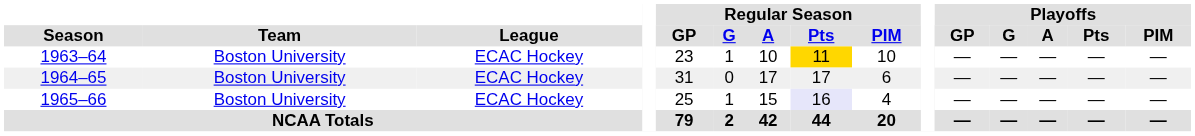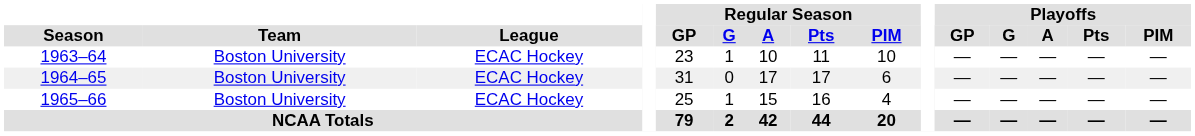 <table border="0" cellpadding="1" cellspacing="0" style="text-align:center; width:70em">
 <tr bgcolor="#e0e0e0">
 <th colspan="3"  bgcolor="#ffffff"> </th>
 <th rowspan="99" bgcolor="#ffffff"> </th>
 <th colspan="5">Regular Season</th>
 <th rowspan="99" bgcolor="#ffffff"> </th>
 <th colspan="5">Playoffs</th>
 </tr>
 <tr bgcolor="#e0e0e0">
 <th>Season</th>
 <th>Team</th>
 <th>League</th>
 <th>GP</th>
 <th><a href='#'>G</a></th>
 <th><a href='#'>A</a></th>
 <th><a href='#'>Pts</a></th>
 <th><a href='#'>PIM</a></th>
 <th>GP</th>
 <th>G</th>
 <th>A</th>
 <th>Pts</th>
 <th>PIM</th>
 </tr>
 <tr>
 <td><a href='#'>1963–64</a></td>
 <td><a href='#'>Boston University</a></td>
 <td><a href='#'>ECAC Hockey</a></td>
 <td>23</td>
 <td>1</td>
 <td>10</td>
-<td style="background: gold;">11</td>
+<td>11</td>
 <td>10</td>
 <td>—</td>
 <td>—</td>
 <td>—</td>
 <td>—</td>
 <td>—</td>
 </tr>
 <tr bgcolor=f0f0f0>
 <td><a href='#'>1964–65</a></td>
 <td><a href='#'>Boston University</a></td>
 <td><a href='#'>ECAC Hockey</a></td>
 <td>31</td>
 <td>0</td>
 <td>17</td>
 <td>17</td>
 <td>6</td>
 <td>—</td>
 <td>—</td>
 <td>—</td>
 <td>—</td>
 <td>—</td>
 </tr>
 <tr>
 <td><a href='#'>1965–66</a></td>
 <td><a href='#'>Boston University</a></td>
 <td><a href='#'>ECAC Hockey</a></td>
 <td>25</td>
 <td>1</td>
 <td>15</td>
-<td style="background: lavender;">16</td>
+<td>16</td>
 <td>4</td>
 <td>—</td>
 <td>—</td>
 <td>—</td>
 <td>—</td>
 <td>—</td>
 </tr>
 <tr bgcolor="#e0e0e0">
 <th colspan="3">NCAA Totals</th>
 <th>79</th>
 <th>2</th>
 <th>42</th>
 <th>44</th>
 <th>20</th>
 <th>—</th>
 <th>—</th>
 <th>—</th>
 <th>—</th>
 <th>—</th>
 </tr>
 </table>
